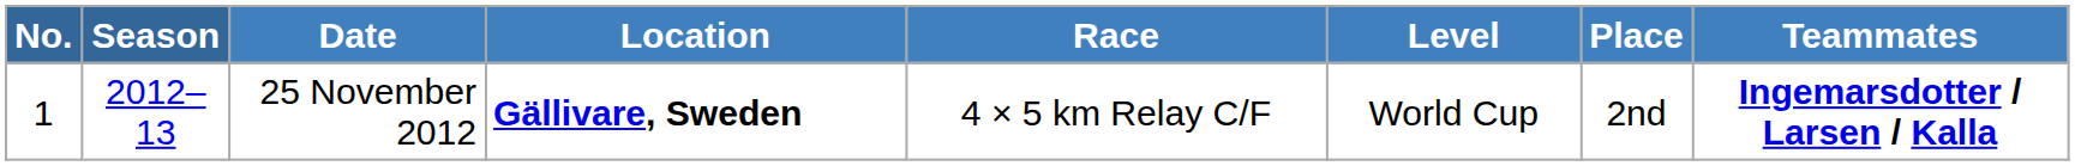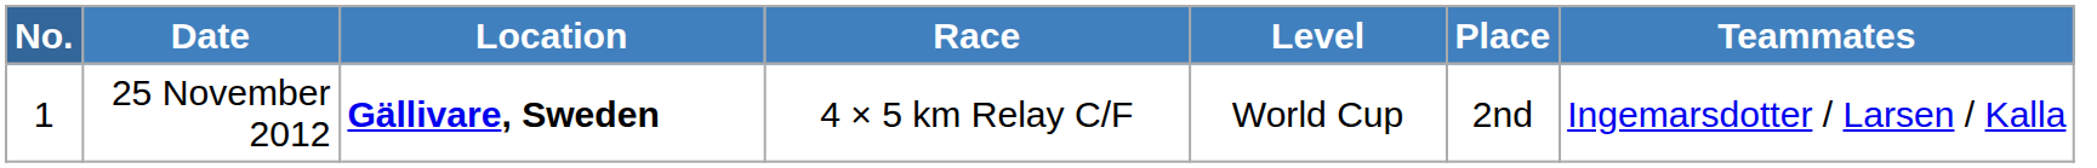 <table class="wikitable sortable" style="font-size:95%; text-align:center; border:grey solid 1px; border-collapse:collapse; background:#ffffff;">
 <tr style="background:#efefef;">
 <th style="background-color:#369; color:white;">No.</th>
-<th style="background-color:#369; color:white;">Season</th>
 <th style="background-color:#4180be; color:white; width:100px;">Date</th>
 <th style="background-color:#4180be; color:white; width:170px;">Location</th>
 <th style="background-color:#4180be; color:white; width:170px;">Race</th>
 <th style="background-color:#4180be; color:white; width:100px;">Level</th>
 <th style="background-color:#4180be; color:white;">Place</th>
 <th style="background-color:#4180be; color:white;">Teammates</th>
 </tr>
 <tr>
 <td align=center>1</td>
-<td rowspan=1 align=center><a href='#'>2012–13</a></td>
 <td align=right>25 November 2012</td>
 <td align=left><strong> <a href='#'>Gällivare</a>, Sweden</strong></td>
 <td>4 × 5 km Relay C/F</td>
 <td>World Cup</td>
 <td>2nd</td>
-<td><strong><a href='#'>Ingemarsdotter</a> / <a href='#'>Larsen</a> / <a href='#'>Kalla</a></strong></td>
+<td><a href='#'>Ingemarsdotter</a> / <a href='#'>Larsen</a> / <a href='#'>Kalla</a></td>
 </tr>
 </table>
